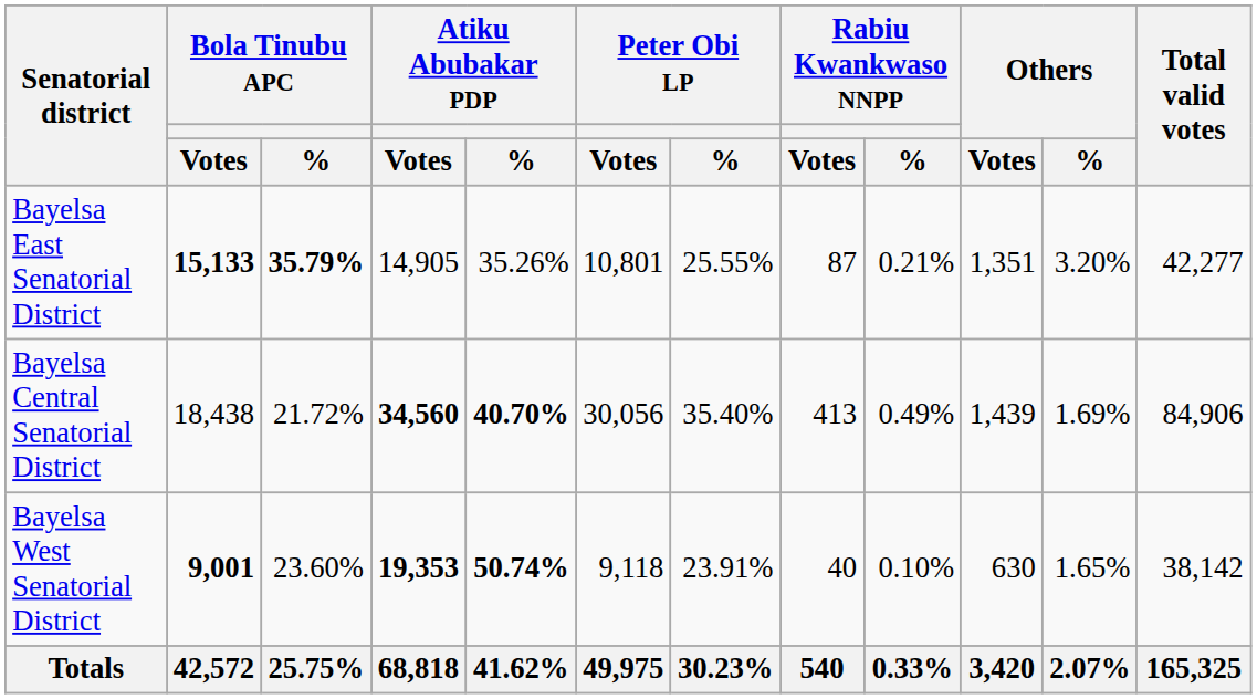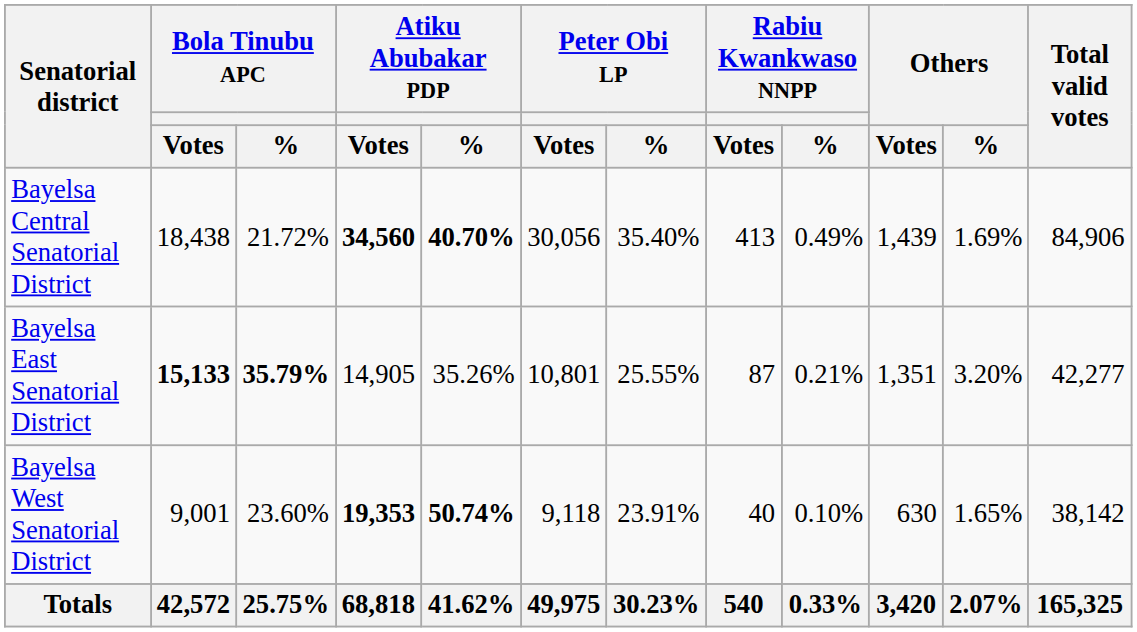 <table class="wikitable sortable" style="text-align:right; font-size:90%">
 <tr>
 <th rowspan="3" style="max-width:7.5em;">Senatorial district</th>
 <th colspan="2"><a href='#'>Bola Tinubu</a><br><small>APC</small></th>
 <th colspan="2"><a href='#'>Atiku Abubakar</a><br><small>PDP</small></th>
 <th colspan="2"><a href='#'>Peter Obi</a><br><small>LP</small></th>
 <th colspan="2"><a href='#'>Rabiu Kwankwaso</a><br><small>NNPP</small></th>
 <th colspan="2" rowspan="2">Others</th>
 <th rowspan="3" style="max-width:5em;">Total valid votes</th>
 </tr>
 <tr>
 <th colspan=2 style="background-color:"></th>
 <th colspan=2 style="background-color:"></th>
 <th colspan=2 style="background-color:"></th>
 <th colspan=2 style="background-color:"></th>
 </tr>
 <tr>
 <th>Votes</th>
 <th>%</th>
 <th>Votes</th>
 <th>%</th>
 <th>Votes</th>
 <th>%</th>
 <th>Votes</th>
 <th>%</th>
 <th>Votes</th>
 <th>%</th>
 </tr>
 <tr style="background-color:#">
+<td style="text-align:left;"><a href='#'>Bayelsa Central Senatorial District</a></td>
+<td>18,438</td>
+<td>21.72%</td>
+<td><strong>34,560</strong></td>
+<td><strong>40.70%</strong></td>
+<td>30,056</td>
+<td>35.40%</td>
+<td>413</td>
+<td>0.49%</td>
+<td>1,439</td>
+<td>1.69%</td>
+<td>84,906</td>
+</tr>
+<tr style="background-color:#">
 <td style="text-align:left;"><a href='#'>Bayelsa East Senatorial District</a></td>
 <td><strong>15,133</strong></td>
 <td><strong>35.79%</strong></td>
 <td>14,905</td>
 <td>35.26%</td>
 <td>10,801</td>
 <td>25.55%</td>
 <td>87</td>
 <td>0.21%</td>
 <td>1,351</td>
 <td>3.20%</td>
 <td>42,277</td>
 </tr>
 <tr style="background-color:#">
-<td style="text-align:left;"><a href='#'>Bayelsa Central Senatorial District</a></td>
-<td>18,438</td>
-<td>21.72%</td>
-<td><strong>34,560</strong></td>
-<td><strong>40.70%</strong></td>
-<td>30,056</td>
-<td>35.40%</td>
-<td>413</td>
-<td>0.49%</td>
-<td>1,439</td>
-<td>1.69%</td>
-<td>84,906</td>
-</tr>
-<tr style="background-color:#">
 <td style="text-align:left;"><a href='#'>Bayelsa West Senatorial District</a></td>
-<td><strong>9,001</strong></td>
+<td>9,001</td>
 <td>23.60%</td>
 <td><strong>19,353</strong></td>
 <td><strong>50.74%</strong></td>
 <td>9,118</td>
 <td>23.91%</td>
 <td>40</td>
 <td>0.10%</td>
 <td>630</td>
 <td>1.65%</td>
 <td>38,142</td>
 </tr>
 <tr>
 <th>Totals</th>
 <th>42,572</th>
 <th>25.75%</th>
 <th>68,818</th>
 <th>41.62%</th>
 <th>49,975</th>
 <th>30.23%</th>
 <th>540</th>
 <th>0.33%</th>
 <th>3,420</th>
 <th>2.07%</th>
 <th>165,325</th>
 </tr>
 </table>
